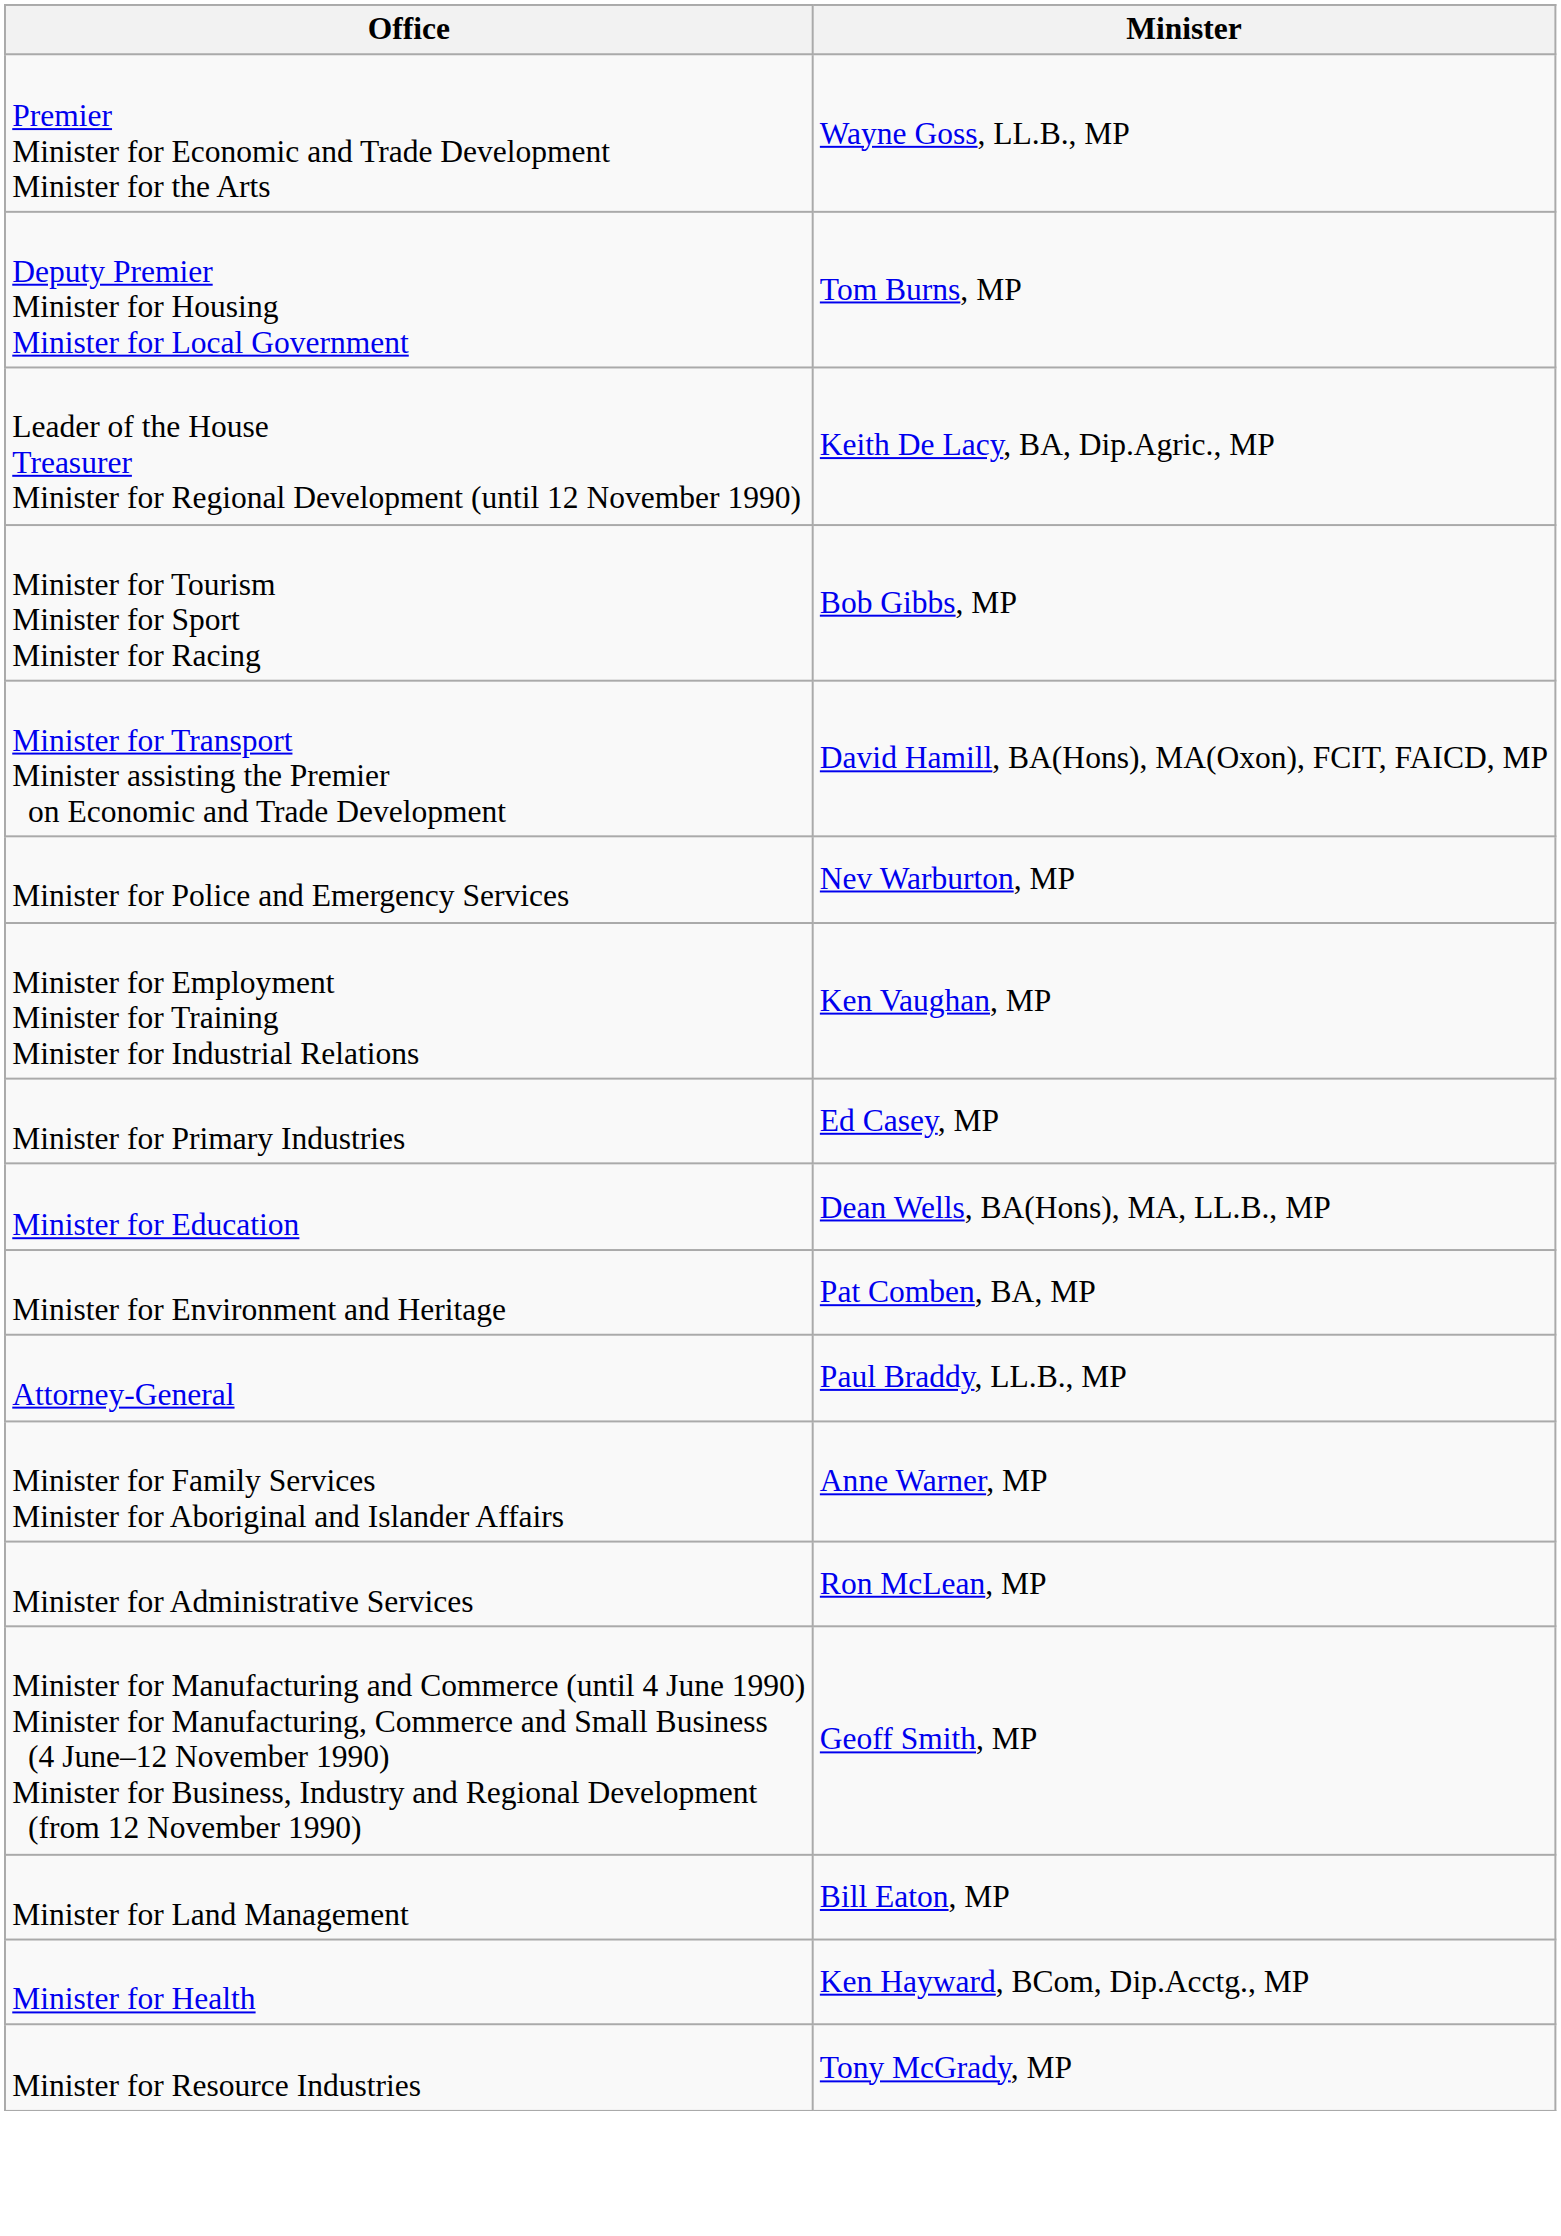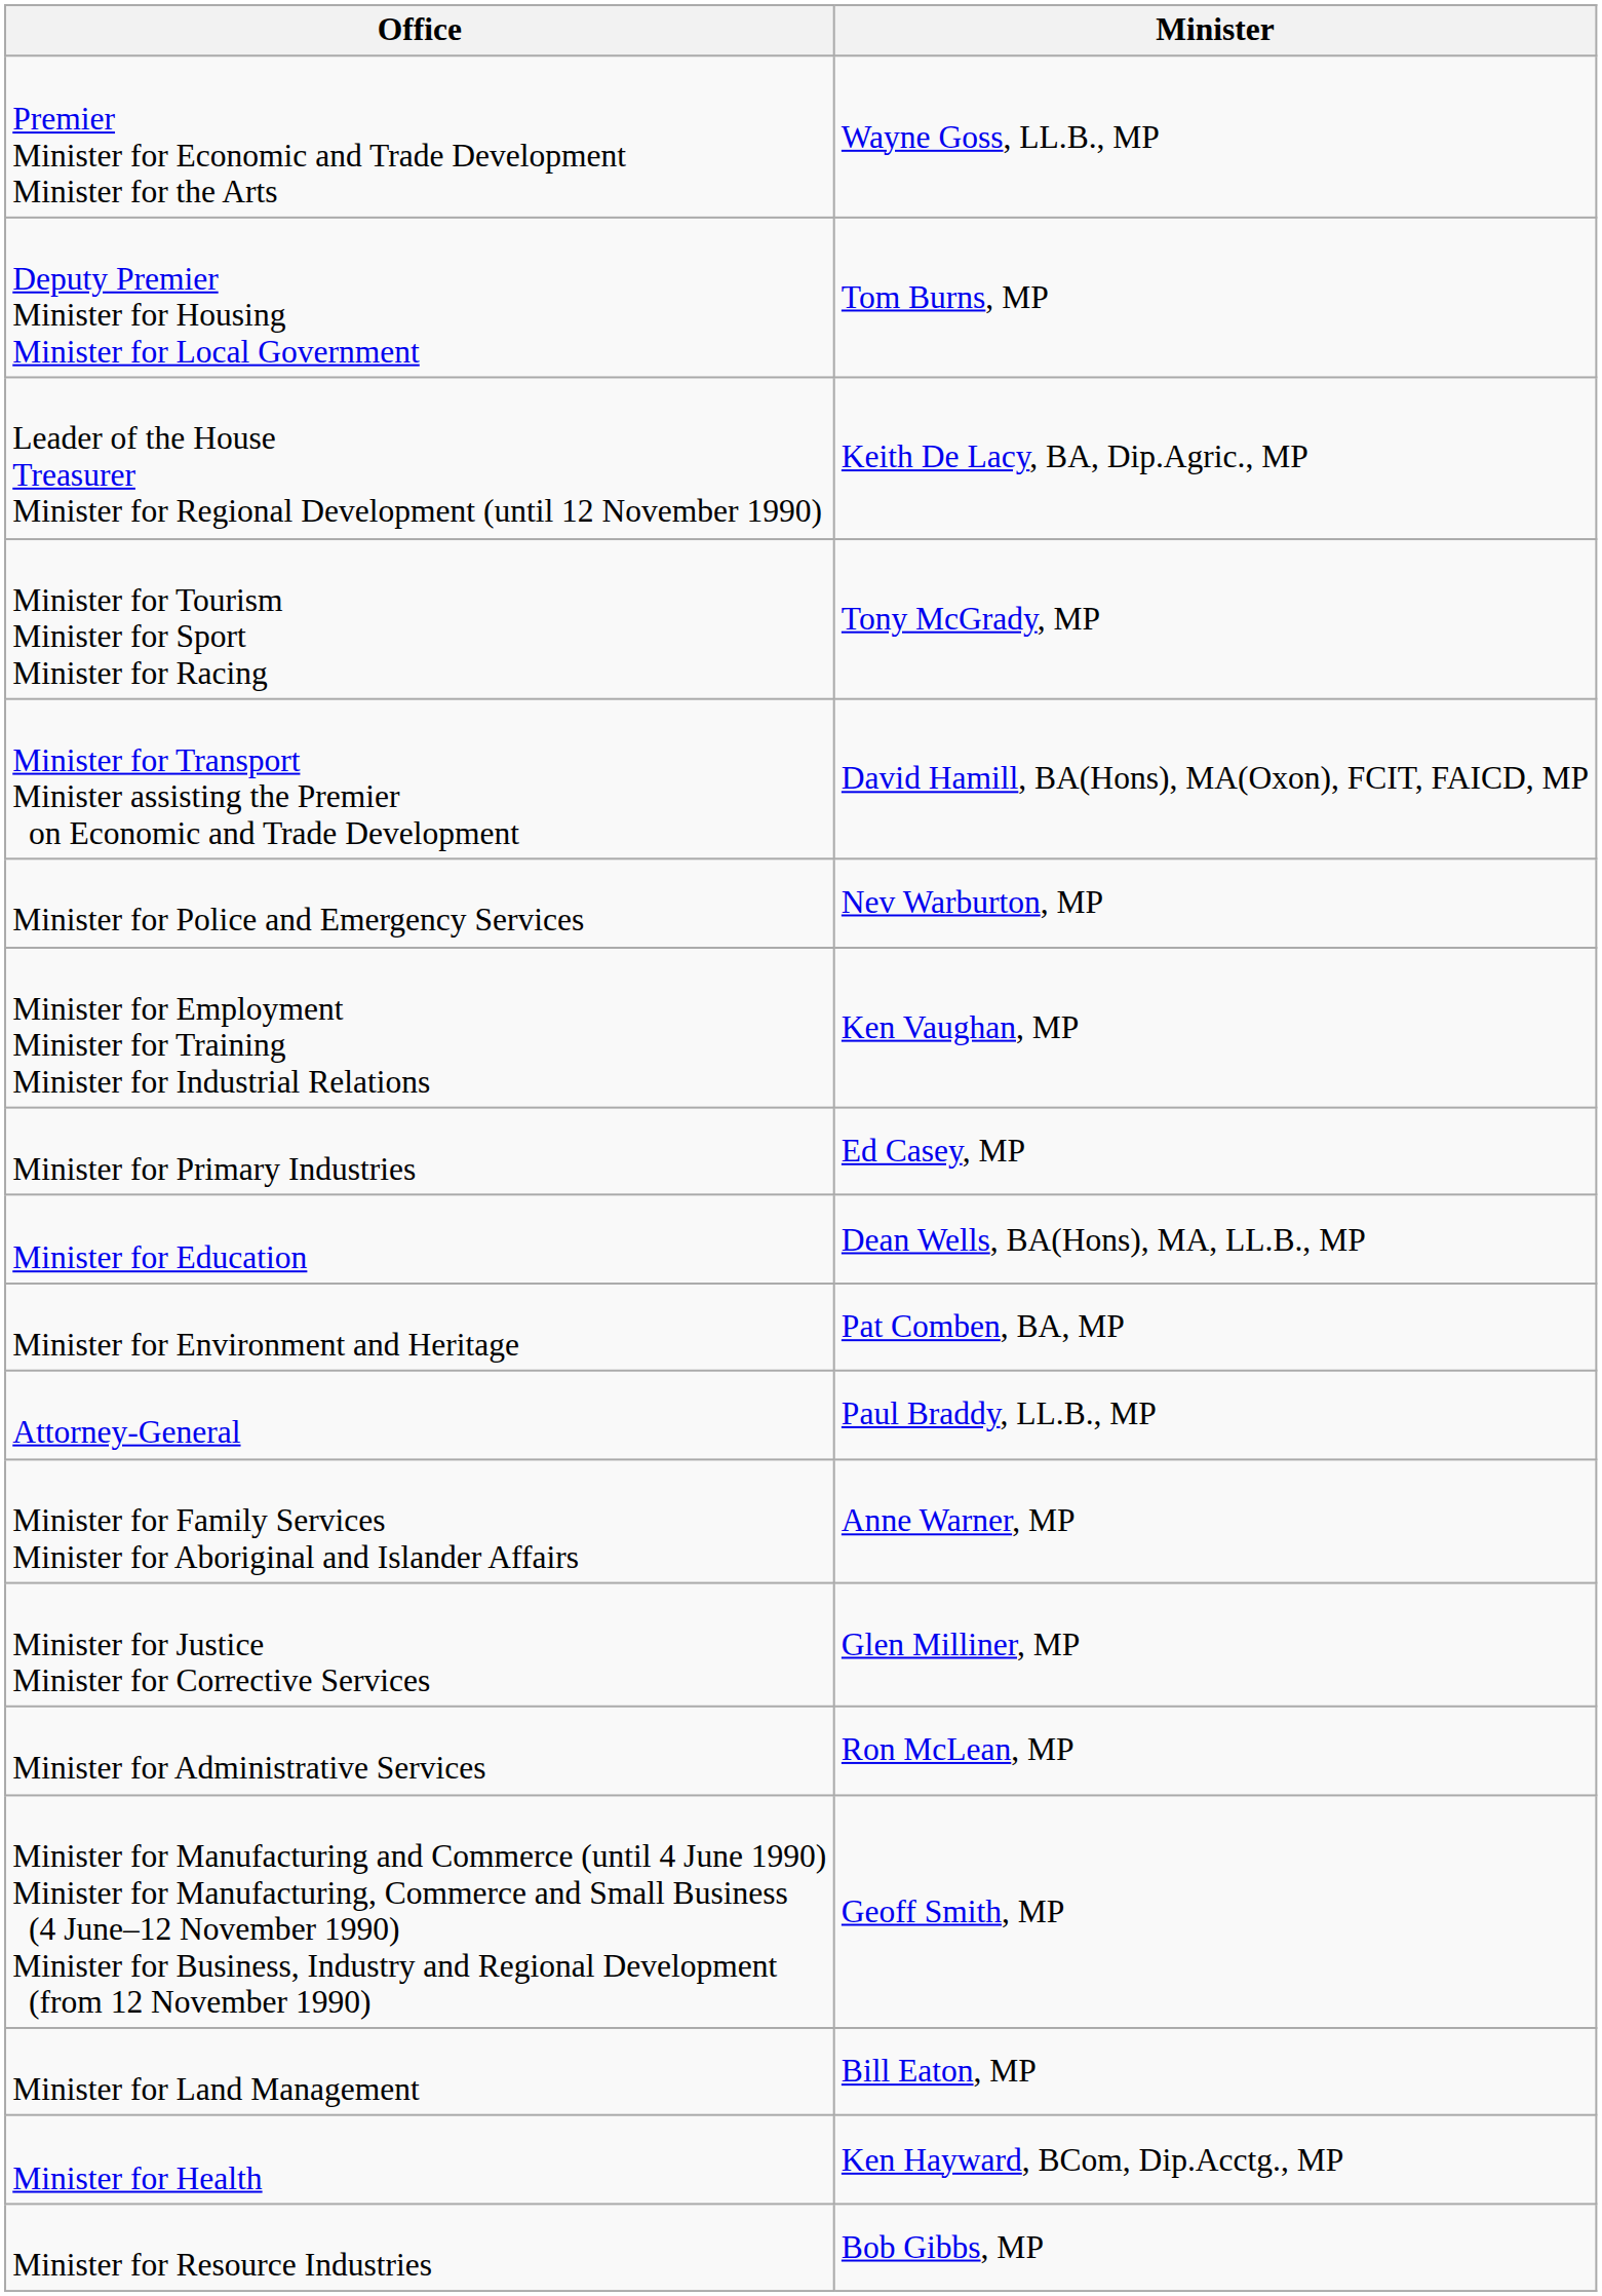 <table class="wikitable">
 <tr>
 <th>Office</th>
 <th>Minister</th>
 </tr>
 <tr>
 <td><br><a href='#'>Premier</a><br> Minister for Economic and Trade Development<br> Minister for the Arts<br></td>
 <td><a href='#'>Wayne Goss</a>, LL.B., MP</td>
 </tr>
 <tr>
 <td><br><a href='#'>Deputy Premier</a><br> Minister for Housing<br> <a href='#'>Minister for Local Government</a><br></td>
 <td><a href='#'>Tom Burns</a>, MP</td>
 </tr>
 <tr>
 <td><br>Leader of the House<br> <a href='#'>Treasurer</a><br> Minister for Regional Development (until 12 November 1990)</td>
 <td><a href='#'>Keith De Lacy</a>, BA, Dip.Agric., MP</td>
 </tr>
 <tr>
 <td><br>Minister for Tourism<br> Minister for Sport<br> Minister for Racing<br></td>
-<td><a href='#'>Bob Gibbs</a>, MP</td>
+<td><a href='#'>Tony McGrady</a>, MP</td>
 </tr>
 <tr>
 <td><br><a href='#'>Minister for Transport</a><br> Minister assisting the Premier<br>  on Economic and Trade Development</td>
 <td><a href='#'>David Hamill</a>, BA(Hons), MA(Oxon), FCIT, FAICD, MP</td>
 </tr>
 <tr>
 <td><br>Minister for Police and Emergency Services<br></td>
 <td><a href='#'>Nev Warburton</a>, MP</td>
 </tr>
 <tr>
 <td><br>Minister for Employment<br> Minister for Training<br> Minister for Industrial Relations<br></td>
 <td><a href='#'>Ken Vaughan</a>, MP</td>
 </tr>
 <tr>
 <td><br>Minister for Primary Industries<br></td>
 <td><a href='#'>Ed Casey</a>, MP</td>
 </tr>
 <tr>
 <td><br><a href='#'>Minister for Education</a><br></td>
 <td><a href='#'>Dean Wells</a>, BA(Hons), MA, LL.B., MP</td>
 </tr>
 <tr>
 <td><br>Minister for Environment and Heritage<br></td>
 <td><a href='#'>Pat Comben</a>, BA, MP</td>
 </tr>
 <tr>
 <td><br><a href='#'>Attorney-General</a><br></td>
 <td><a href='#'>Paul Braddy</a>, LL.B., MP</td>
 </tr>
 <tr>
 <td><br>Minister for Family Services<br> Minister for Aboriginal and Islander Affairs</td>
 <td><a href='#'>Anne Warner</a>, MP</td>
 </tr>
 <tr>
+<td><br>Minister for Justice<br> Minister for Corrective Services<br></td>
+<td><a href='#'>Glen Milliner</a>, MP</td>
+</tr>
+<tr>
 <td><br>Minister for Administrative Services<br></td>
 <td><a href='#'>Ron McLean</a>, MP</td>
 </tr>
 <tr>
 <td><br>Minister for Manufacturing and Commerce (until 4 June 1990)<br> Minister for Manufacturing, Commerce and Small Business<br>  (4 June–12 November 1990)<br> Minister for Business, Industry and Regional Development<br>  (from 12 November 1990)<br></td>
 <td><a href='#'>Geoff Smith</a>, MP</td>
 </tr>
 <tr>
 <td><br>Minister for Land Management<br></td>
 <td><a href='#'>Bill Eaton</a>, MP</td>
 </tr>
 <tr>
 <td><br><a href='#'>Minister for Health</a></td>
 <td><a href='#'>Ken Hayward</a>, BCom, Dip.Acctg., MP</td>
 </tr>
 <tr>
 <td><br>Minister for Resource Industries</td>
-<td><a href='#'>Tony McGrady</a>, MP</td>
+<td><a href='#'>Bob Gibbs</a>, MP</td>
 </tr>
 </table>
